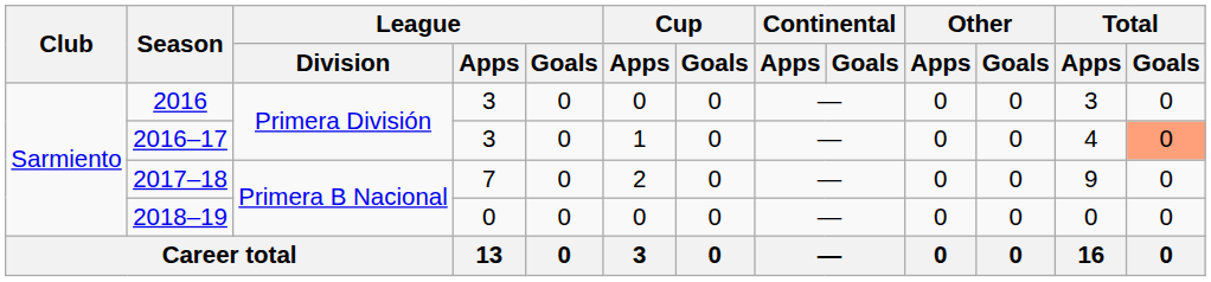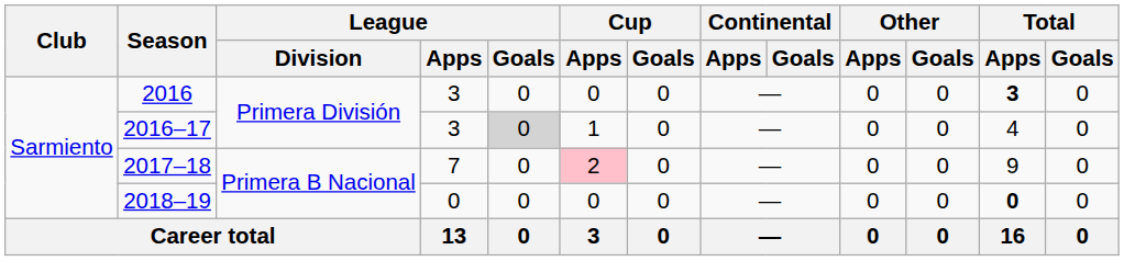 <table class="wikitable" style="text-align:center">
 <tr>
 <th rowspan="2">Club</th>
 <th rowspan="2">Season</th>
 <th colspan="3">League</th>
 <th colspan="2">Cup</th>
 <th colspan="2">Continental</th>
 <th colspan="2">Other</th>
 <th colspan="2">Total</th>
 </tr>
 <tr>
 <th>Division</th>
 <th>Apps</th>
 <th>Goals</th>
 <th>Apps</th>
 <th>Goals</th>
 <th>Apps</th>
 <th>Goals</th>
 <th>Apps</th>
 <th>Goals</th>
 <th>Apps</th>
 <th>Goals</th>
 </tr>
 <tr>
 <td rowspan="4"><a href='#'>Sarmiento</a></td>
 <td><a href='#'>2016</a></td>
 <td rowspan="2"><a href='#'>Primera División</a></td>
 <td>3</td>
 <td>0</td>
 <td>0</td>
 <td>0</td>
 <td colspan="2">—</td>
 <td>0</td>
 <td>0</td>
-<td>3</td>
+<td><strong>3</strong></td>
 <td>0</td>
 </tr>
 <tr>
 <td><a href='#'>2016–17</a></td>
 <td>3</td>
-<td>0</td>
+<td style="background: lightgrey;">0</td>
 <td>1</td>
 <td>0</td>
 <td colspan="2">—</td>
 <td>0</td>
 <td>0</td>
 <td>4</td>
-<td style="background: lightsalmon;">0</td>
+<td>0</td>
 </tr>
 <tr>
 <td><a href='#'>2017–18</a></td>
 <td rowspan="2"><a href='#'>Primera B Nacional</a></td>
 <td>7</td>
 <td>0</td>
-<td>2</td>
+<td style="background: pink;">2</td>
 <td>0</td>
 <td colspan="2">—</td>
 <td>0</td>
 <td>0</td>
 <td>9</td>
 <td>0</td>
 </tr>
 <tr>
 <td><a href='#'>2018–19</a></td>
 <td>0</td>
 <td>0</td>
 <td>0</td>
 <td>0</td>
 <td colspan="2">—</td>
 <td>0</td>
 <td>0</td>
-<td>0</td>
+<td><strong>0</strong></td>
 <td>0</td>
 </tr>
 <tr>
 <th colspan="3">Career total</th>
 <th>13</th>
 <th>0</th>
 <th>3</th>
 <th>0</th>
 <th colspan="2">—</th>
 <th>0</th>
 <th>0</th>
 <th>16</th>
 <th>0</th>
 </tr>
 </table>
